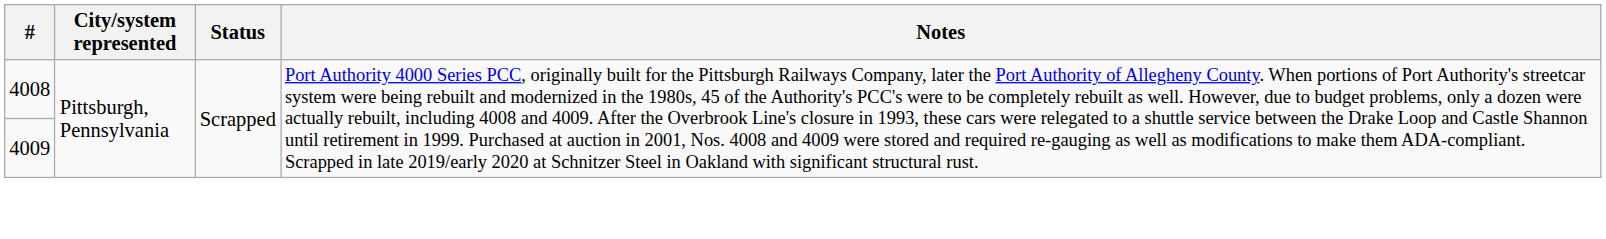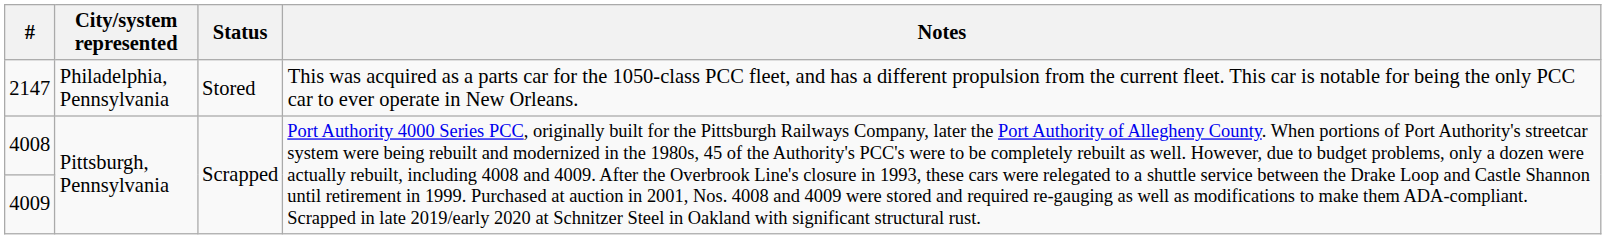 <table class="wikitable sticky-header">
 <tr>
 <th>#</th>
 <th>City/system represented</th>
 <th>Status</th>
 <th>Notes</th>
+</tr>
+<tr>
+<td>2147</td>
+<td>Philadelphia, Pennsylvania</td>
+<td>Stored</td>
+<td>This was acquired as a parts car for the 1050-class PCC fleet, and has a different propulsion from the current fleet. This car is notable for being the only PCC car to ever operate in New Orleans.</td>
 </tr>
 <tr>
 <td>4008</td>
 <td rowspan="2">Pittsburgh, Pennsylvania</td>
 <td rowspan="2">Scrapped</td>
 <td rowspan="2" style="font-size:90%;"><a href='#'>Port Authority 4000 Series PCC</a>, originally built for the Pittsburgh Railways Company, later the <a href='#'>Port Authority of Allegheny County</a>. When portions of Port Authority's streetcar system were being rebuilt and modernized in the 1980s, 45 of the Authority's PCC's were to be completely rebuilt as well. However, due to budget problems, only a dozen were actually rebuilt, including 4008 and 4009. After the Overbrook Line's closure in 1993, these cars were relegated to a shuttle service between the Drake Loop and Castle Shannon until retirement in 1999. Purchased at auction in 2001, Nos. 4008 and 4009 were stored and required re-gauging as well as modifications to make them ADA-compliant. Scrapped in late 2019/early 2020 at Schnitzer Steel in Oakland with significant structural rust.</td>
 </tr>
 <tr>
 <td>4009</td>
 </tr>
 </table>
